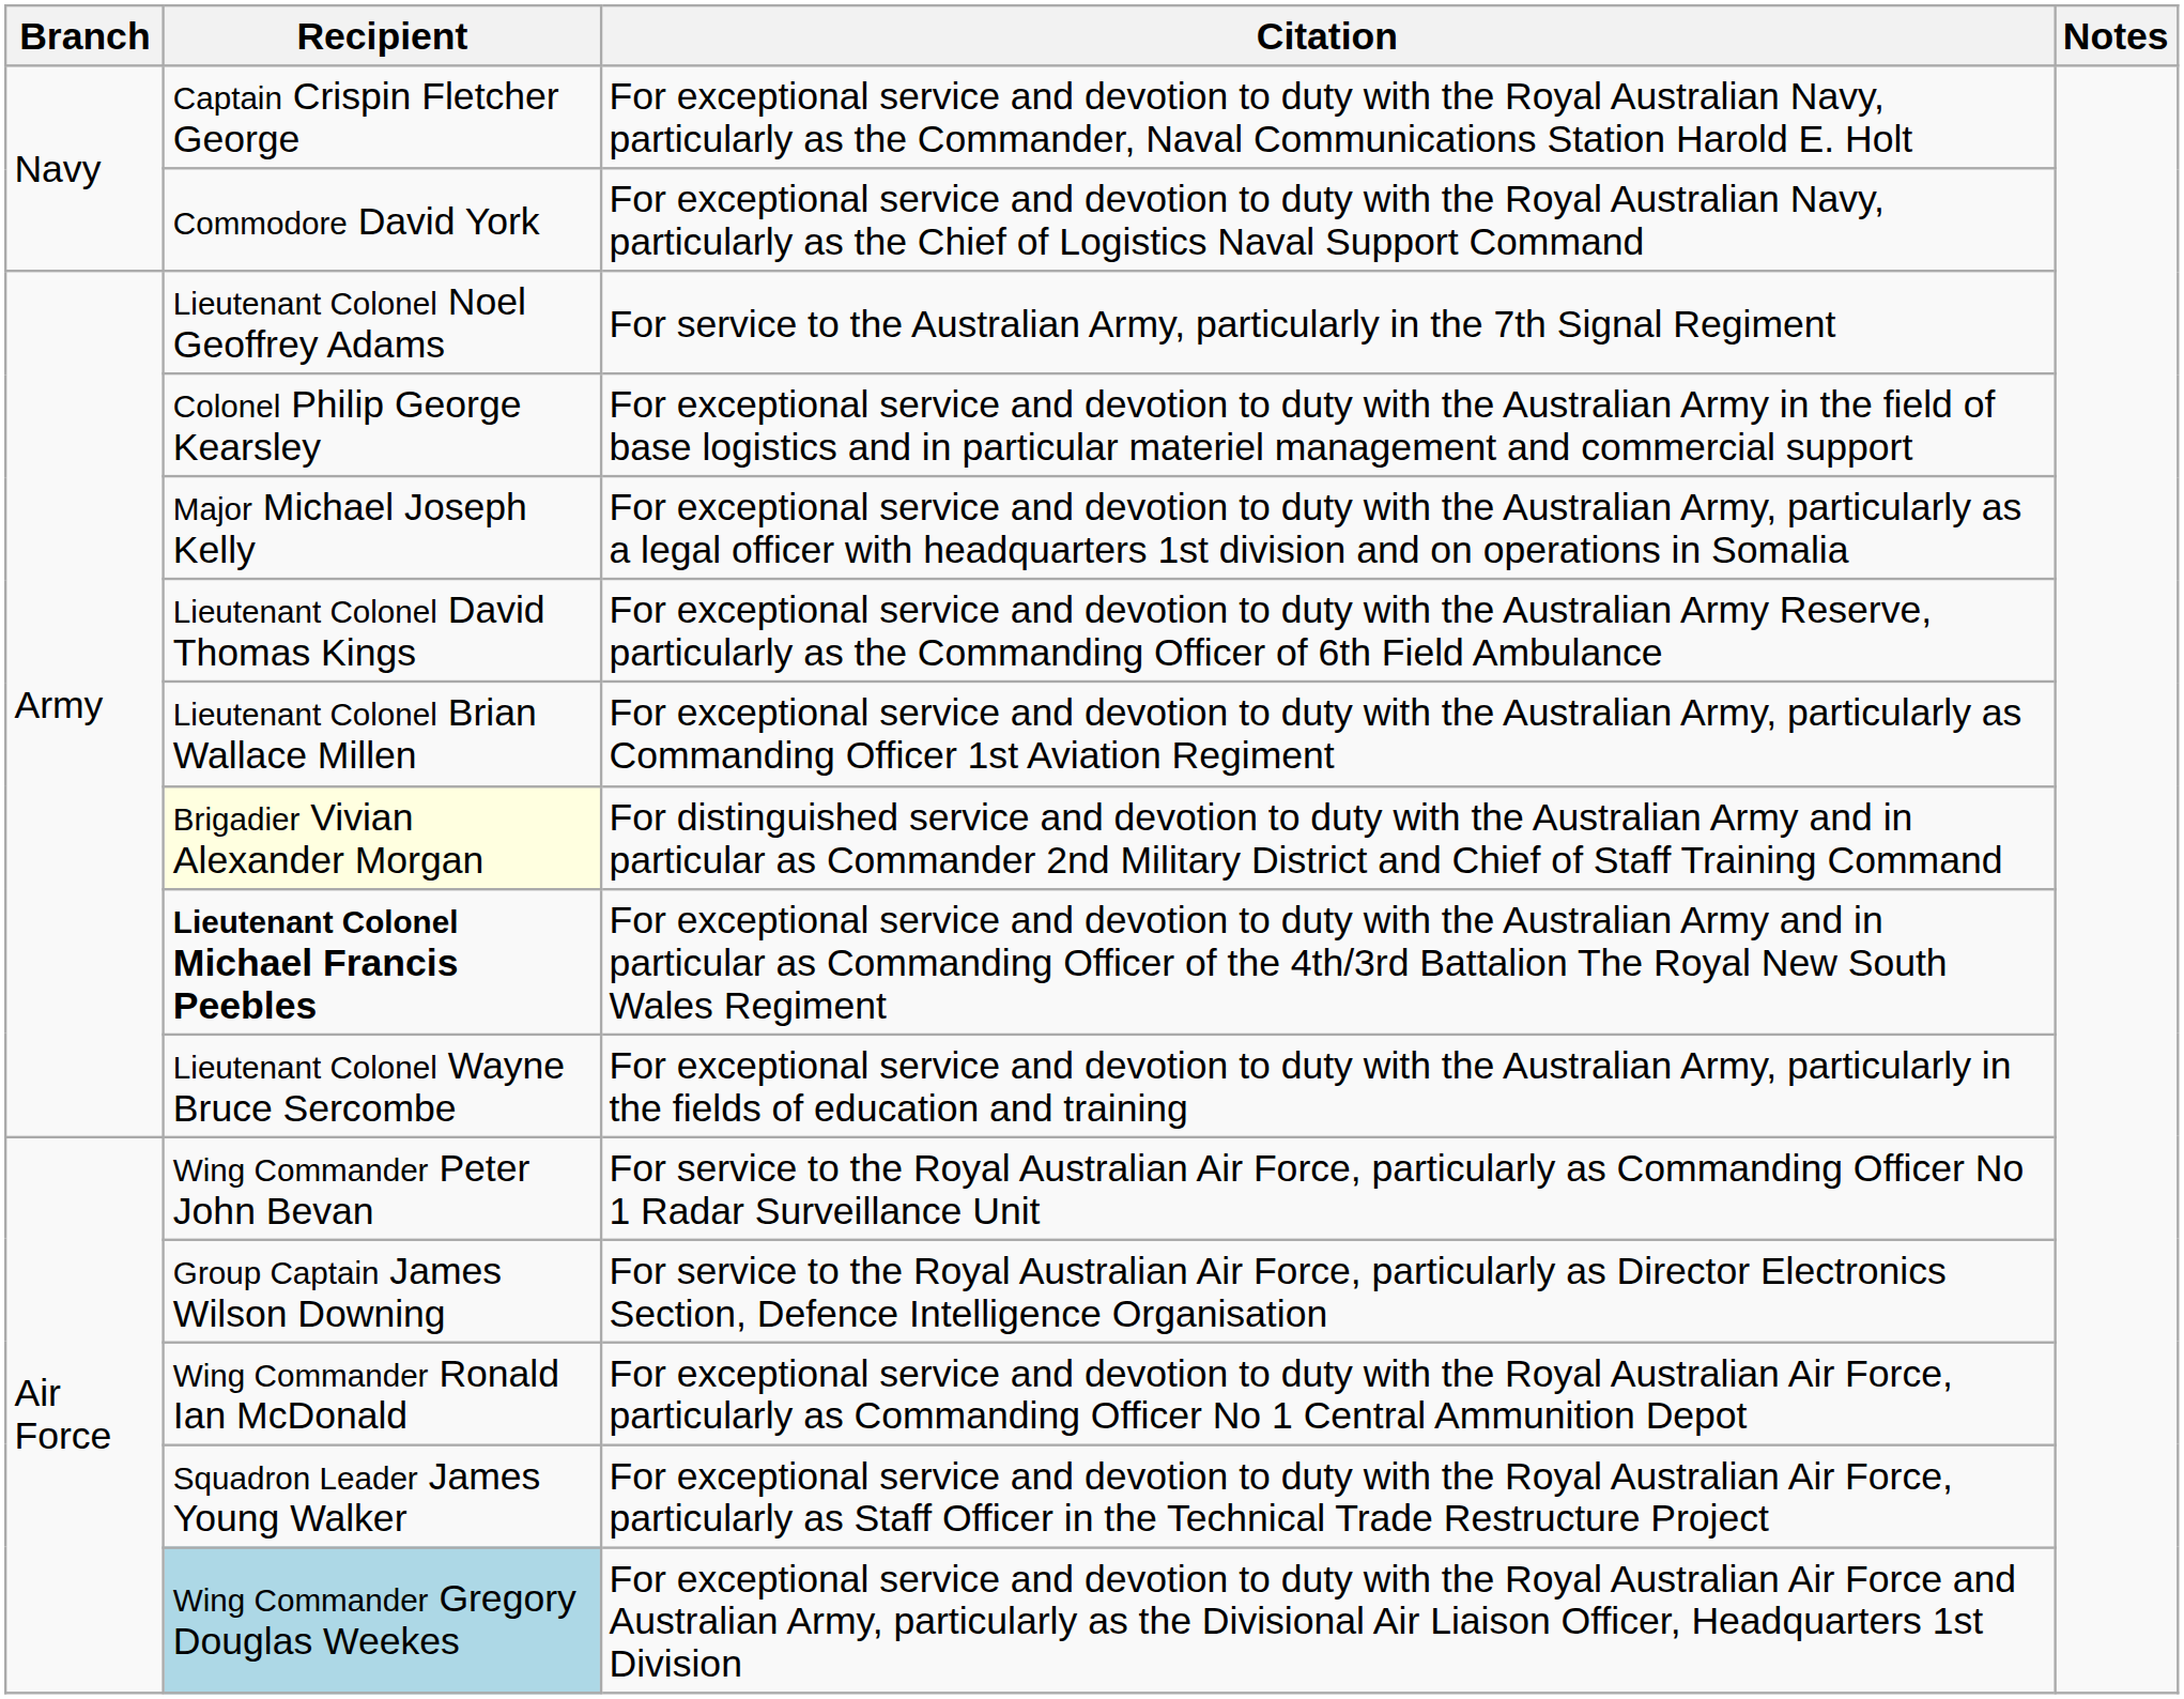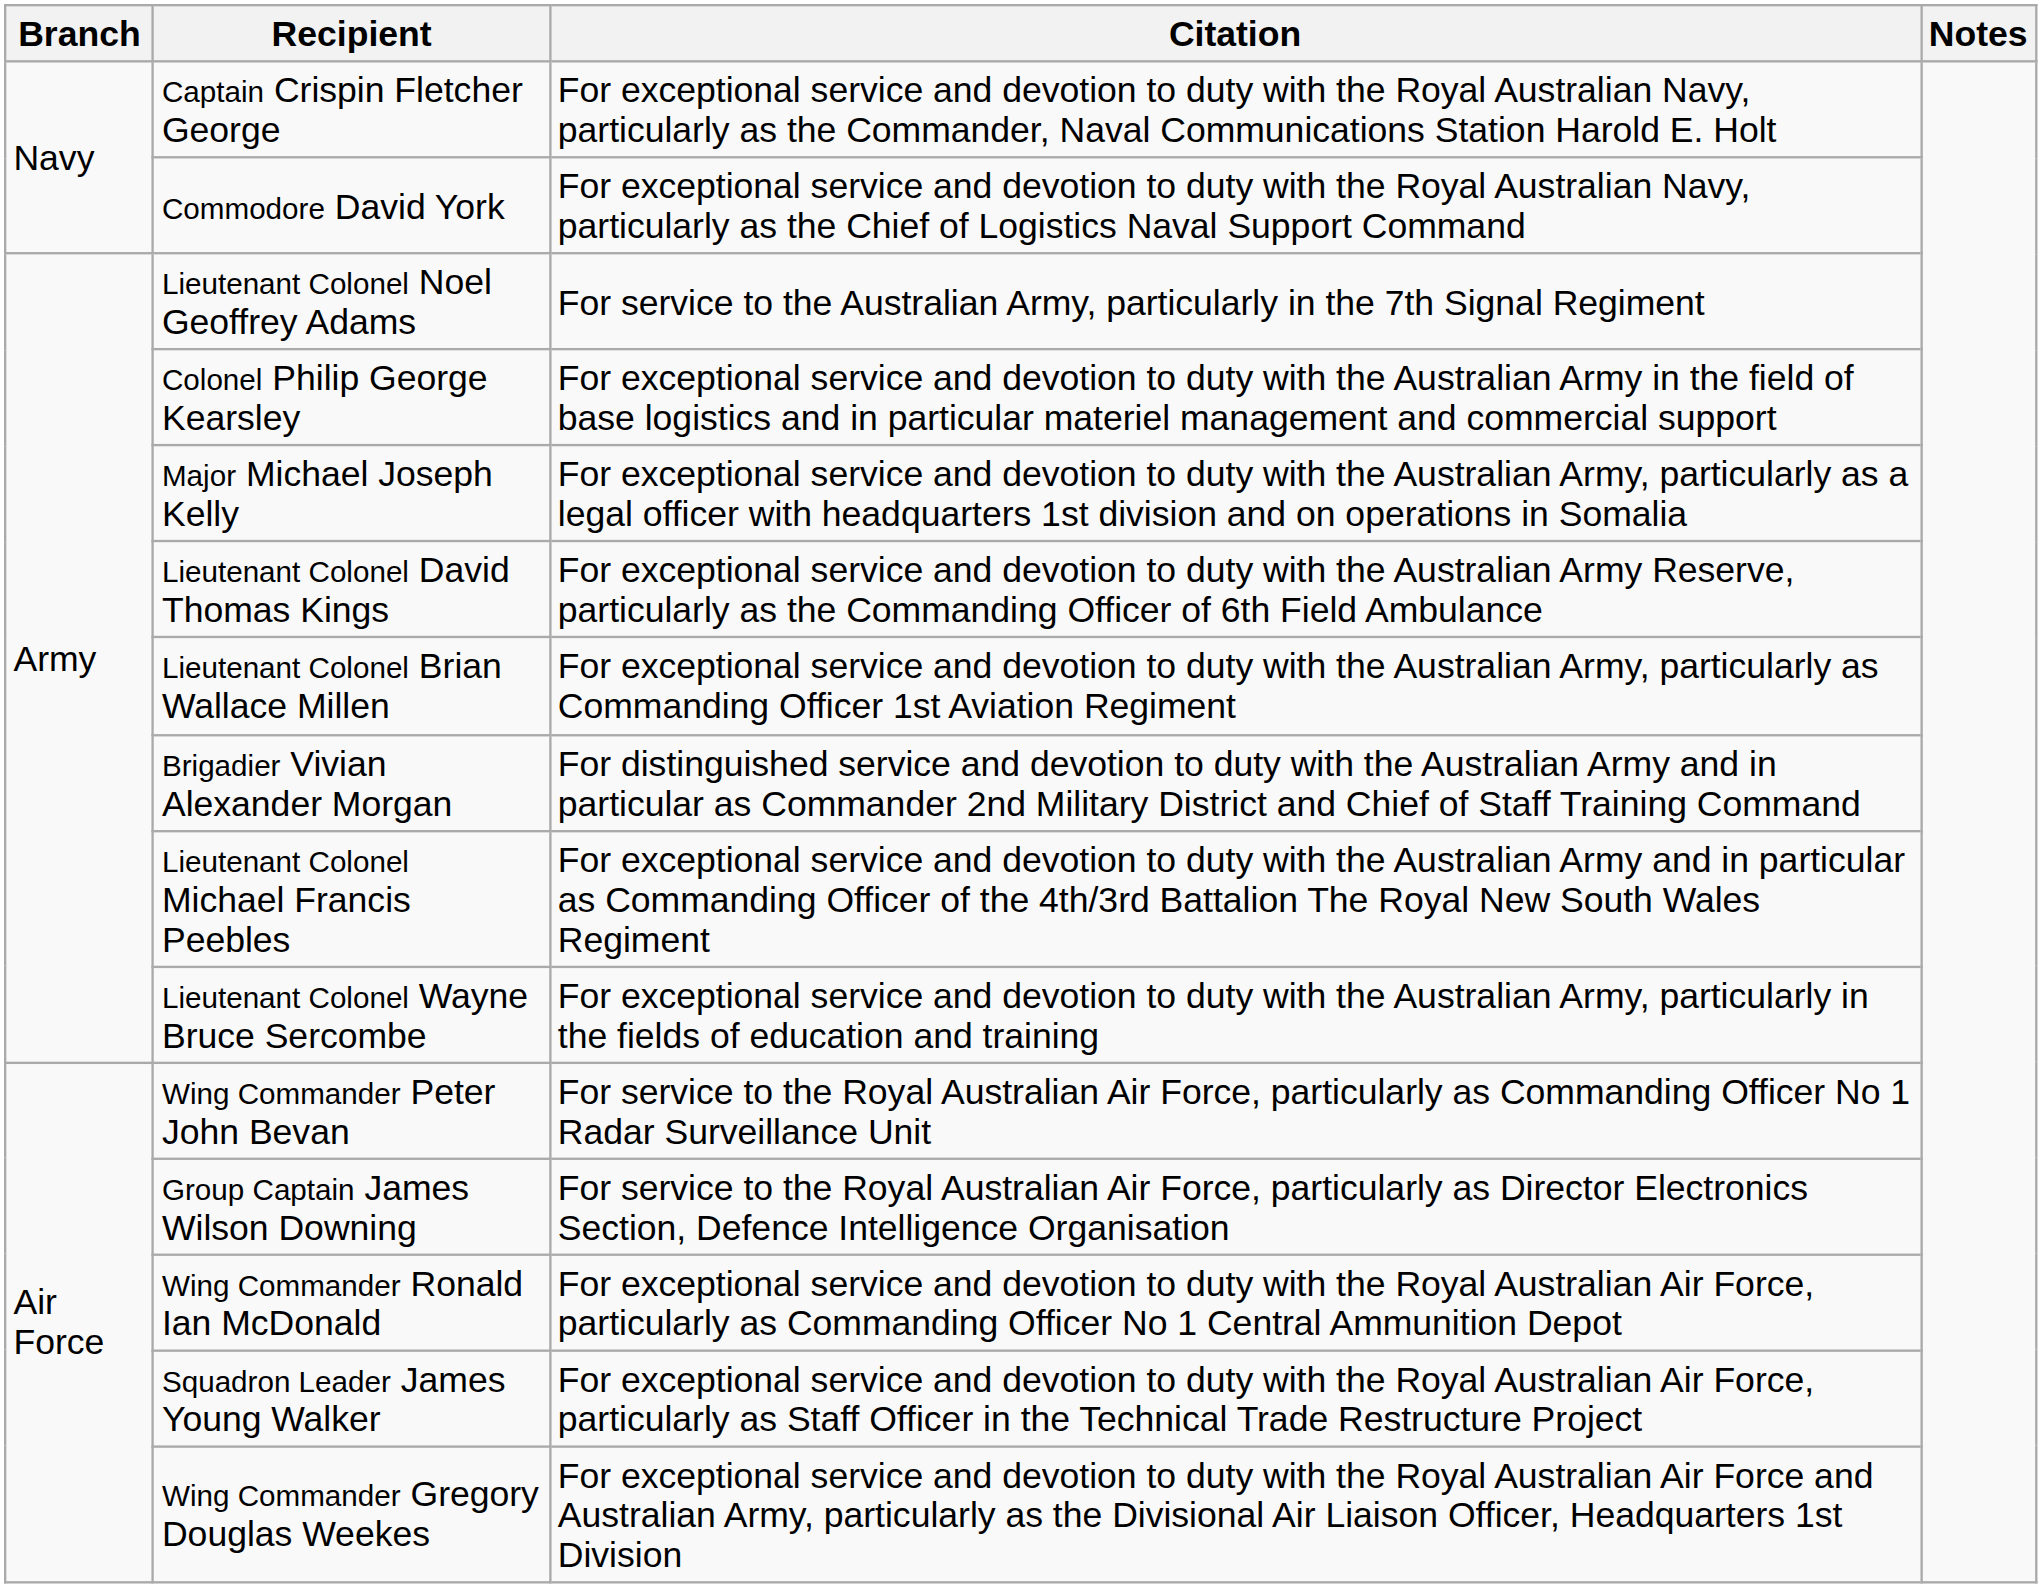 <table class="wikitable" style="font-size:95%;">
 <tr>
 <th>Branch</th>
 <th>Recipient</th>
 <th>Citation</th>
 <th>Notes</th>
 </tr>
 <tr>
 <td rowspan="2">Navy</td>
 <td><small>Captain</small> Crispin Fletcher George</td>
 <td>For exceptional service and devotion to duty with the Royal Australian Navy, particularly as the Commander, Naval Communications Station Harold E. Holt</td>
 <td rowspan="15"></td>
 </tr>
 <tr>
 <td><small>Commodore</small> David York</td>
 <td>For exceptional service and devotion to duty with the Royal Australian Navy, particularly as the Chief of Logistics Naval Support Command</td>
 </tr>
 <tr>
 <td rowspan="8">Army</td>
 <td><small>Lieutenant Colonel</small> Noel Geoffrey Adams</td>
 <td>For service to the Australian Army, particularly in the 7th Signal Regiment</td>
 </tr>
 <tr>
 <td><small>Colonel</small> Philip George Kearsley</td>
 <td>For exceptional service and devotion to duty with the Australian Army in the field of base logistics and in particular materiel management and commercial support</td>
 </tr>
 <tr>
 <td><small>Major</small> Michael Joseph Kelly</td>
 <td>For exceptional service and devotion to duty with the Australian Army, particularly as a legal officer with headquarters 1st division and on operations in Somalia</td>
 </tr>
 <tr>
 <td><small>Lieutenant Colonel</small> David Thomas Kings </td>
 <td>For exceptional service and devotion to duty with the Australian Army Reserve, particularly as the Commanding Officer of 6th Field Ambulance</td>
 </tr>
 <tr>
 <td><small>Lieutenant Colonel</small> Brian Wallace Millen</td>
 <td>For exceptional service and devotion to duty with the Australian Army, particularly as Commanding Officer 1st Aviation Regiment</td>
 </tr>
 <tr>
-<td style="background: lightyellow;"><small>Brigadier</small> Vivian Alexander Morgan</td>
+<td><small>Brigadier</small> Vivian Alexander Morgan</td>
 <td>For distinguished service and devotion to duty with the Australian Army and in particular as Commander 2nd Military District and Chief of Staff Training Command</td>
 </tr>
 <tr>
-<td><strong><small>Lieutenant Colonel</small> Michael Francis Peebles </strong></td>
+<td><small>Lieutenant Colonel</small> Michael Francis Peebles </td>
 <td>For exceptional service and devotion to duty with the Australian Army and in particular as Commanding Officer of the 4th/3rd Battalion The Royal New South Wales Regiment</td>
 </tr>
 <tr>
 <td><small>Lieutenant Colonel</small> Wayne Bruce Sercombe</td>
 <td>For exceptional service and devotion to duty with the Australian Army, particularly in the fields of education and training</td>
 </tr>
 <tr>
 <td rowspan="5">Air Force</td>
 <td><small>Wing Commander</small> Peter John Bevan</td>
 <td>For service to the Royal Australian Air Force, particularly as Commanding Officer No 1 Radar Surveillance Unit</td>
 </tr>
 <tr>
 <td><small>Group Captain</small> James Wilson Downing</td>
 <td>For service to the Royal Australian Air Force, particularly as Director Electronics Section, Defence Intelligence Organisation</td>
 </tr>
 <tr>
 <td><small>Wing Commander</small> Ronald Ian McDonald</td>
 <td>For exceptional service and devotion to duty with the Royal Australian Air Force, particularly as Commanding Officer No 1 Central Ammunition Depot</td>
 </tr>
 <tr>
 <td><small>Squadron Leader</small> James Young Walker</td>
 <td>For exceptional service and devotion to duty with the Royal Australian Air Force, particularly as Staff Officer in the Technical Trade Restructure Project</td>
 </tr>
 <tr>
-<td style="background: lightblue;"><small>Wing Commander</small> Gregory Douglas Weekes</td>
+<td><small>Wing Commander</small> Gregory Douglas Weekes</td>
 <td>For exceptional service and devotion to duty with the Royal Australian Air Force and Australian Army, particularly as the Divisional Air Liaison Officer, Headquarters 1st Division</td>
 </tr>
 </table>
